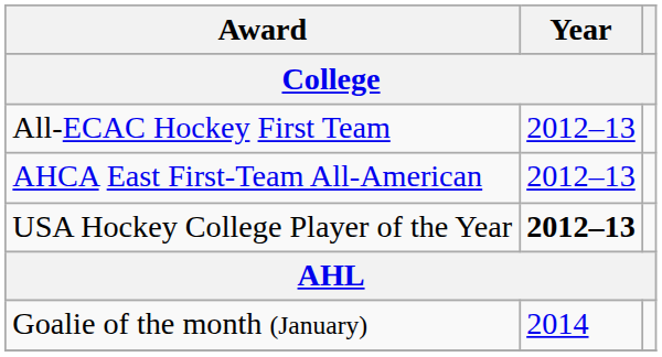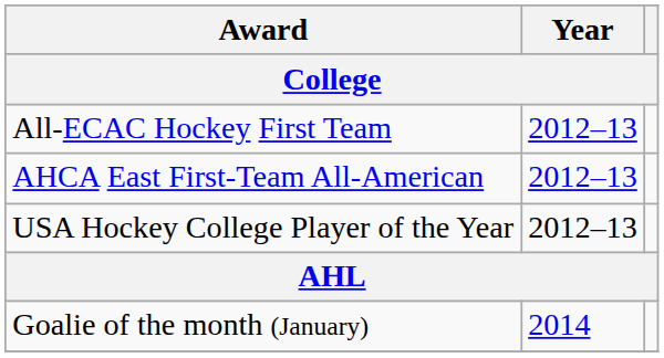 <table class="wikitable">
 <tr>
 <th>Award</th>
 <th>Year</th>
 <th></th>
 </tr>
 <tr ALIGN="center" bgcolor="#e0e0e0">
 <th colspan="3"><a href='#'>College</a></th>
 </tr>
 <tr>
 <td>All-<a href='#'>ECAC Hockey</a> <a href='#'>First Team</a></td>
 <td><a href='#'>2012–13</a></td>
 <td></td>
 </tr>
 <tr>
 <td><a href='#'>AHCA</a> <a href='#'>East First-Team All-American</a></td>
 <td><a href='#'>2012–13</a></td>
 <td></td>
 </tr>
 <tr>
 <td>USA Hockey College Player of the Year</td>
-<td><strong>2012–13</strong></td>
+<td>2012–13</td>
 <td></td>
 </tr>
 <tr ALIGN="center" bgcolor="#e0e0e0">
 <th colspan="3"><a href='#'>AHL</a></th>
 </tr>
 <tr>
 <td>Goalie of the month <small>(January)</small></td>
 <td><a href='#'>2014</a></td>
 <td></td>
 </tr>
 <tr>
 </tr>
 </table>
